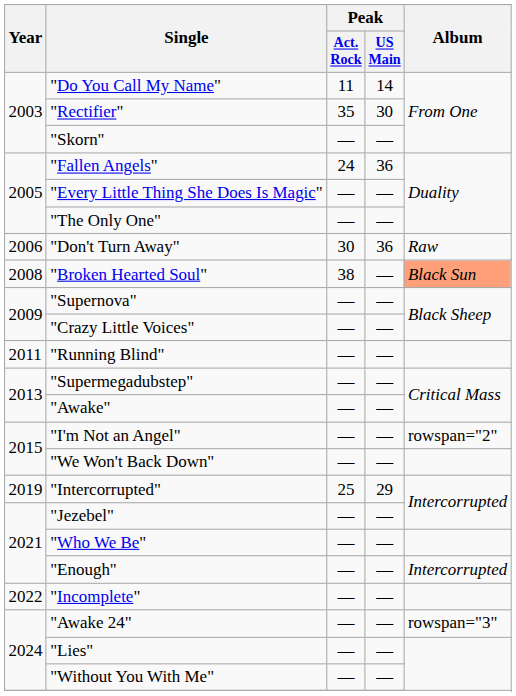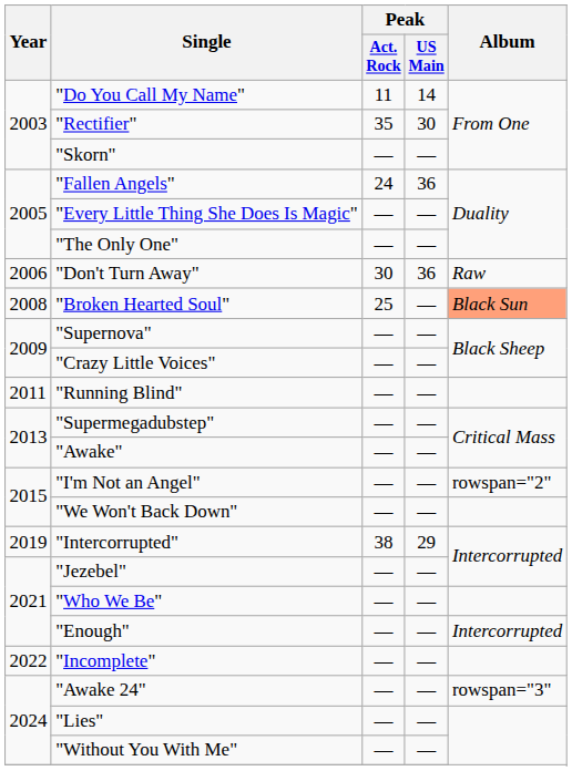 <table class="wikitable">
 <tr>
 <th rowspan="2">Year</th>
 <th rowspan="2">Single</th>
 <th colspan="2">Peak</th>
 <th rowspan="2">Album</th>
 </tr>
 <tr style="font-size:smaller;">
 <th style="width:30px;"><a href='#'>Act.<br>Rock</a><br></th>
 <th style="width:30px;"><a href='#'>US<br>Main</a><br></th>
 </tr>
 <tr>
 <td rowspan="3">2003</td>
 <td>"<a href='#'>Do You Call My Name</a>"</td>
 <td style="text-align:center;">11</td>
 <td style="text-align:center;">14</td>
 <td rowspan="3"><em>From One</em></td>
 </tr>
 <tr>
 <td>"<a href='#'>Rectifier</a>"</td>
 <td style="text-align:center;">35</td>
 <td style="text-align:center;">30</td>
 </tr>
 <tr>
 <td>"Skorn"</td>
 <td style="text-align:center;">—</td>
 <td style="text-align:center;">—</td>
 </tr>
 <tr>
 <td rowspan="3">2005</td>
 <td>"<a href='#'>Fallen Angels</a>"</td>
 <td style="text-align:center;">24</td>
 <td style="text-align:center;">36</td>
 <td rowspan="3"><em>Duality</em></td>
 </tr>
 <tr>
 <td>"<a href='#'>Every Little Thing She Does Is Magic</a>" </td>
 <td style="text-align:center;">—</td>
 <td style="text-align:center;">—</td>
 </tr>
 <tr>
 <td>"The Only One"</td>
 <td style="text-align:center;">—</td>
 <td style="text-align:center;">—</td>
 </tr>
 <tr>
 <td>2006</td>
 <td>"Don't Turn Away"</td>
 <td style="text-align:center;">30</td>
 <td style="text-align:center;">36</td>
 <td><em>Raw</em></td>
 </tr>
 <tr>
 <td>2008</td>
 <td>"<a href='#'>Broken Hearted Soul</a>"</td>
-<td style="text-align:center;">38</td>
+<td style="text-align:center;">25</td>
 <td style="text-align:center;">—</td>
 <td style="background: lightsalmon;"><em>Black Sun</em></td>
 </tr>
 <tr>
 <td rowspan="2">2009</td>
 <td>"Supernova"</td>
 <td style="text-align:center;">—</td>
 <td style="text-align:center;">—</td>
 <td rowspan="2"><em>Black Sheep</em></td>
 </tr>
 <tr>
 <td>"Crazy Little Voices"</td>
 <td style="text-align:center;">—</td>
 <td style="text-align:center;">—</td>
 </tr>
 <tr>
 <td>2011</td>
 <td>"Running Blind"</td>
 <td style="text-align:center;">—</td>
 <td style="text-align:center;">—</td>
 <td></td>
 </tr>
 <tr>
 <td rowspan="2">2013</td>
 <td>"Supermegadubstep"</td>
 <td style="text-align:center;">—</td>
 <td style="text-align:center;">—</td>
 <td rowspan="2"><em>Critical Mass</em></td>
 </tr>
 <tr>
 <td>"Awake"</td>
 <td style="text-align:center;">—</td>
 <td style="text-align:center;">—</td>
 </tr>
 <tr>
 <td rowspan="2">2015</td>
 <td>"I'm Not an Angel"</td>
 <td style="text-align:center;">—</td>
 <td style="text-align:center;">—</td>
 <td>rowspan="2" </td>
 </tr>
 <tr>
 <td>"We Won't Back Down"</td>
 <td style="text-align:center;">—</td>
 <td style="text-align:center;">—</td>
 </tr>
 <tr>
 <td>2019</td>
 <td>"Intercorrupted"</td>
-<td style="text-align:center;">25</td>
+<td style="text-align:center;">38</td>
 <td style="text-align:center;">29</td>
 <td rowspan="2"><em>Intercorrupted</em></td>
 </tr>
 <tr>
 <td rowspan="3">2021</td>
 <td>"Jezebel"</td>
 <td style="text-align:center;">—</td>
 <td style="text-align:center;">—</td>
 </tr>
 <tr>
 <td>"<a href='#'>Who We Be</a>" </td>
 <td style="text-align:center;">—</td>
 <td style="text-align:center;">—</td>
 <td></td>
 </tr>
 <tr>
 <td>"Enough" </td>
 <td style="text-align:center;">—</td>
 <td style="text-align:center;">—</td>
 <td><em>Intercorrupted</em></td>
 </tr>
 <tr>
 <td>2022</td>
 <td>"<a href='#'>Incomplete</a>" </td>
 <td style="text-align:center;">—</td>
 <td style="text-align:center;">—</td>
 <td></td>
 </tr>
 <tr>
 <td rowspan="3">2024</td>
 <td>"Awake 24"</td>
 <td style="text-align:center;">—</td>
 <td style="text-align:center;">—</td>
 <td>rowspan="3" </td>
 </tr>
 <tr>
 <td>"Lies"</td>
 <td style="text-align:center;">—</td>
 <td style="text-align:center;">—</td>
 </tr>
 <tr>
 <td>"Without You With Me"</td>
 <td style="text-align:center;">—</td>
 <td style="text-align:center;">—</td>
 </tr>
 <tr>
 </tr>
 </table>
